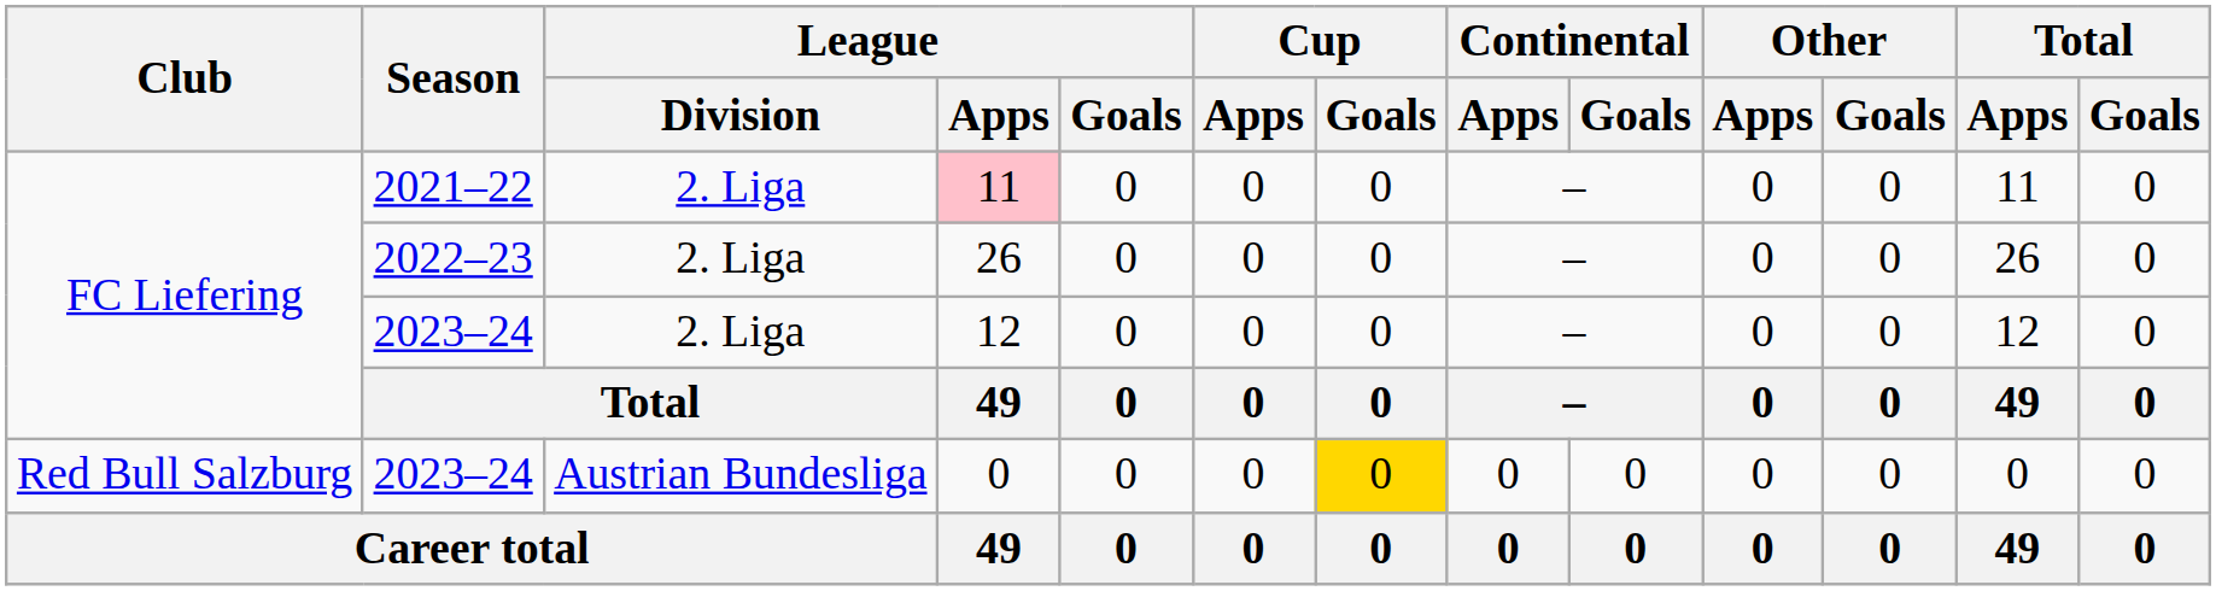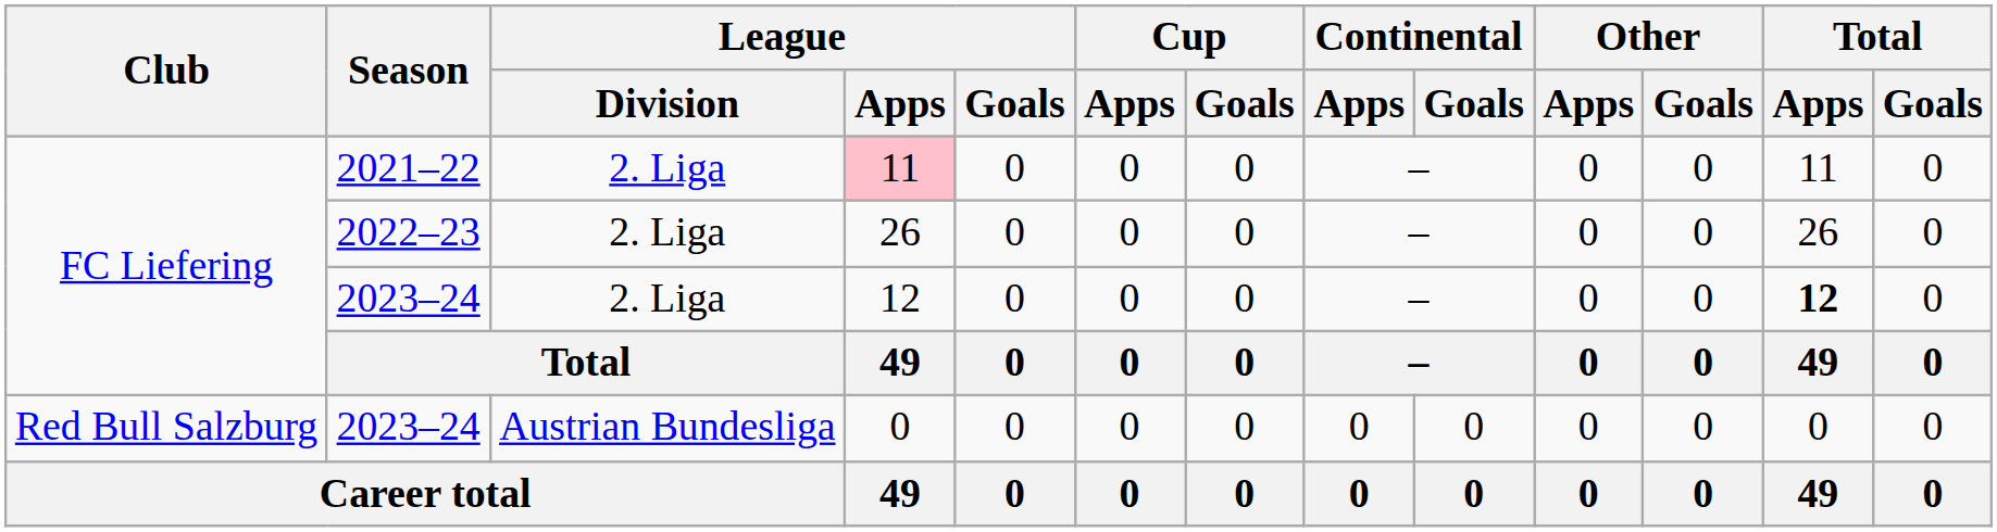 <table class="wikitable" style="text-align:center">
 <tr>
 <th rowspan="2">Club</th>
 <th rowspan="2">Season</th>
 <th colspan="3">League</th>
 <th colspan="2">Cup</th>
 <th colspan="2">Continental</th>
 <th colspan="2">Other</th>
 <th colspan="2">Total</th>
 </tr>
 <tr>
 <th>Division</th>
 <th>Apps</th>
 <th>Goals</th>
 <th>Apps</th>
 <th>Goals</th>
 <th>Apps</th>
 <th>Goals</th>
 <th>Apps</th>
 <th>Goals</th>
 <th>Apps</th>
 <th>Goals</th>
 </tr>
 <tr>
 <td rowspan="4"><a href='#'>FC Liefering</a></td>
 <td><a href='#'>2021–22</a></td>
 <td><a href='#'>2. Liga</a></td>
 <td style="background: pink;">11</td>
 <td>0</td>
 <td>0</td>
 <td>0</td>
 <td colspan="2">–</td>
 <td>0</td>
 <td>0</td>
 <td>11</td>
 <td>0</td>
 </tr>
 <tr>
 <td><a href='#'>2022–23</a></td>
 <td>2. Liga</td>
 <td>26</td>
 <td>0</td>
 <td>0</td>
 <td>0</td>
 <td colspan="2">–</td>
 <td>0</td>
 <td>0</td>
 <td>26</td>
 <td>0</td>
 </tr>
 <tr>
 <td><a href='#'>2023–24</a></td>
 <td>2. Liga</td>
 <td>12</td>
 <td>0</td>
 <td>0</td>
 <td>0</td>
 <td colspan="2">–</td>
 <td>0</td>
 <td>0</td>
-<td>12</td>
+<td><strong>12</strong></td>
 <td>0</td>
 </tr>
 <tr>
 <th colspan="2">Total</th>
 <th>49</th>
 <th>0</th>
 <th>0</th>
 <th>0</th>
 <th colspan="2">–</th>
 <th>0</th>
 <th>0</th>
 <th>49</th>
 <th>0</th>
 </tr>
 <tr>
 <td><a href='#'>Red Bull Salzburg</a></td>
 <td><a href='#'>2023–24</a></td>
 <td><a href='#'>Austrian Bundesliga</a></td>
 <td>0</td>
 <td>0</td>
 <td>0</td>
-<td style="background: gold;">0</td>
+<td>0</td>
 <td>0</td>
 <td>0</td>
 <td>0</td>
 <td>0</td>
 <td>0</td>
 <td>0</td>
 </tr>
 <tr>
 <th colspan="3">Career total</th>
 <th>49</th>
 <th>0</th>
 <th>0</th>
 <th>0</th>
 <th>0</th>
 <th>0</th>
 <th>0</th>
 <th>0</th>
 <th>49</th>
 <th>0</th>
 </tr>
 </table>
